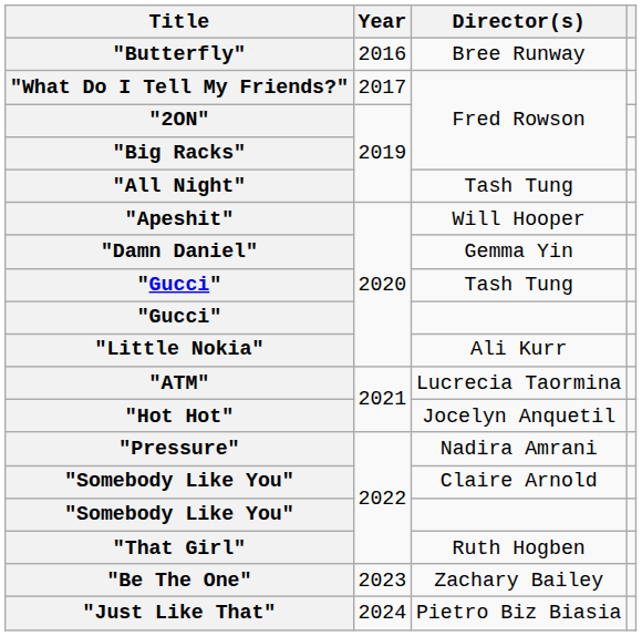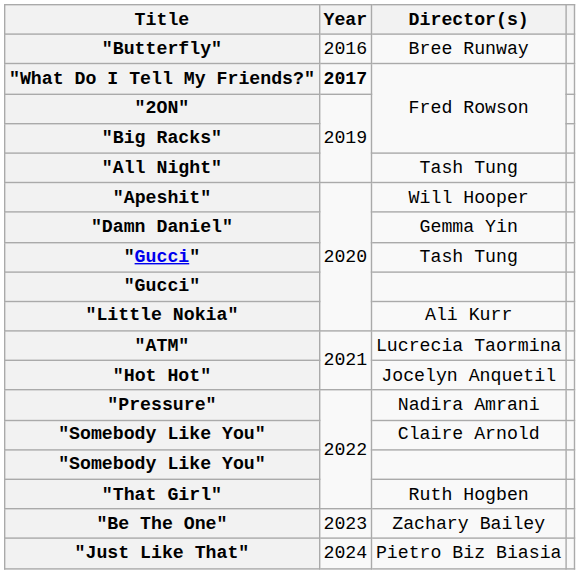 <table class="wikitable plainrowheaders" style="text-align:center;">
 <tr>
 <th scope="col">Title</th>
 <th scope="col">Year</th>
 <th scope="col">Director(s)</th>
 <th scope="col"></th>
 </tr>
 <tr>
 <th scope="row">"Butterfly"</th>
 <td>2016</td>
 <td>Bree Runway</td>
 <td></td>
 </tr>
 <tr>
 <th scope="row">"What Do I Tell My Friends?"</th>
-<td>2017</td>
+<td><strong>2017</strong></td>
 <td rowspan="3">Fred Rowson</td>
 <td></td>
 </tr>
 <tr>
 <th scope="row">"2ON"</th>
 <td rowspan="3">2019</td>
 <td></td>
 </tr>
 <tr>
 <th scope="row">"Big Racks"<br></th>
 <td></td>
 </tr>
 <tr>
 <th scope="row">"All Night"</th>
 <td>Tash Tung</td>
 <td></td>
 </tr>
 <tr>
 <th scope="row">"Apeshit"</th>
 <td rowspan="5">2020</td>
 <td>Will Hooper</td>
 <td></td>
 </tr>
 <tr>
 <th scope="row">"Damn Daniel"<br></th>
 <td>Gemma Yin</td>
 <td></td>
 </tr>
 <tr>
 <th scope="row">"<a href='#'>Gucci</a>"<br></th>
 <td>Tash Tung</td>
 <td></td>
 </tr>
 <tr>
 <th scope="row">"Gucci"<br></th>
 <td></td>
 <td></td>
 </tr>
 <tr>
 <th scope="row">"Little Nokia"</th>
 <td>Ali Kurr</td>
 <td></td>
 </tr>
 <tr>
 <th scope="row">"ATM"<br></th>
 <td rowspan="2">2021</td>
 <td>Lucrecia Taormina</td>
 <td></td>
 </tr>
 <tr>
 <th scope="row">"Hot Hot"</th>
 <td>Jocelyn Anquetil</td>
 <td></td>
 </tr>
 <tr>
 <th scope="row">"Pressure"</th>
 <td rowspan="4">2022</td>
 <td>Nadira Amrani</td>
 <td></td>
 </tr>
 <tr>
 <th scope="row">"Somebody Like You"</th>
 <td>Claire Arnold</td>
 <td></td>
 </tr>
 <tr>
 <th scope="row">"Somebody Like You"<br></th>
 <td></td>
 <td></td>
 </tr>
 <tr>
 <th scope="row">"That Girl"</th>
 <td>Ruth Hogben</td>
 <td></td>
 </tr>
 <tr>
 <th scope="row">"Be The One"<br></th>
 <td>2023</td>
 <td>Zachary Bailey</td>
 <td></td>
 </tr>
 <tr>
 <th scope="row">"Just Like That"</th>
 <td>2024</td>
 <td>Pietro Biz Biasia</td>
 <td></td>
 </tr>
 </table>
